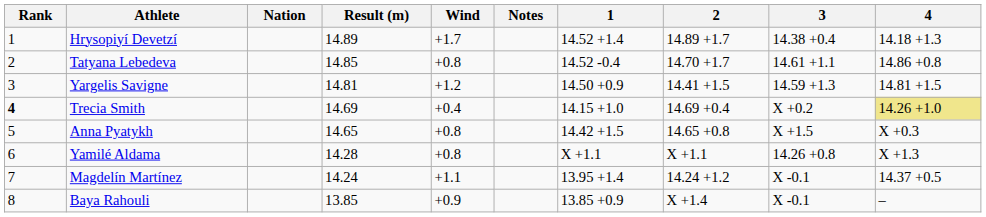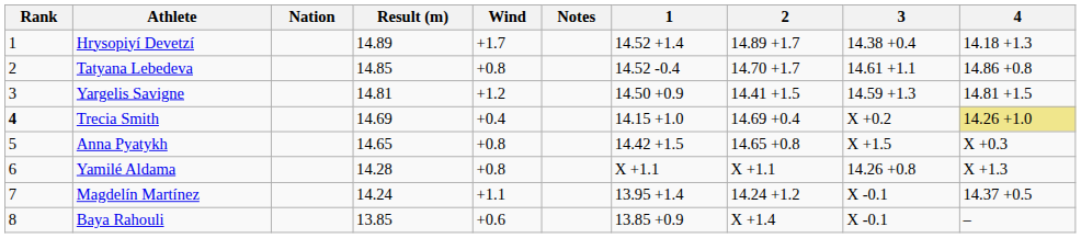 <table class="wikitable" style="text=align:center;" width=85%>
 <tr>
 <th>Rank</th>
 <th>Athlete</th>
 <th>Nation</th>
 <th>Result (m)</th>
 <th>Wind</th>
 <th>Notes</th>
 <th>1</th>
 <th>2</th>
 <th>3</th>
 <th>4</th>
 </tr>
 <tr>
 <td>1</td>
 <td><a href='#'>Hrysopiyí Devetzí</a></td>
 <td></td>
 <td>14.89</td>
 <td>+1.7</td>
 <td></td>
 <td>14.52 +1.4</td>
 <td>14.89 +1.7</td>
 <td>14.38 +0.4</td>
 <td>14.18 +1.3</td>
 </tr>
 <tr>
 <td>2</td>
 <td><a href='#'>Tatyana Lebedeva</a></td>
 <td></td>
 <td>14.85</td>
 <td>+0.8</td>
 <td></td>
 <td>14.52 -0.4</td>
 <td>14.70 +1.7</td>
 <td>14.61 +1.1</td>
 <td>14.86 +0.8</td>
 </tr>
 <tr>
 <td>3</td>
 <td><a href='#'>Yargelis Savigne</a></td>
 <td></td>
 <td>14.81</td>
 <td>+1.2</td>
 <td></td>
 <td>14.50 +0.9</td>
 <td>14.41 +1.5</td>
 <td>14.59 +1.3</td>
 <td>14.81 +1.5</td>
 </tr>
 <tr>
 <td><strong>4</strong></td>
 <td><a href='#'>Trecia Smith</a></td>
 <td></td>
 <td>14.69</td>
 <td>+0.4</td>
 <td></td>
 <td>14.15 +1.0</td>
 <td>14.69 +0.4</td>
 <td>X +0.2</td>
 <td style="background: khaki;">14.26 +1.0</td>
 </tr>
 <tr>
 <td>5</td>
 <td><a href='#'>Anna Pyatykh</a></td>
 <td></td>
 <td>14.65</td>
 <td>+0.8</td>
 <td></td>
 <td>14.42 +1.5</td>
 <td>14.65 +0.8</td>
 <td>X +1.5</td>
 <td>X +0.3</td>
 </tr>
 <tr>
 <td>6</td>
 <td><a href='#'>Yamilé Aldama</a></td>
 <td></td>
 <td>14.28</td>
 <td>+0.8</td>
 <td></td>
 <td>X +1.1</td>
 <td>X +1.1</td>
 <td>14.26 +0.8</td>
 <td>X +1.3</td>
 </tr>
 <tr>
 <td>7</td>
 <td><a href='#'>Magdelín Martínez</a></td>
 <td></td>
 <td>14.24</td>
 <td>+1.1</td>
 <td></td>
 <td>13.95 +1.4</td>
 <td>14.24 +1.2</td>
 <td>X -0.1</td>
 <td>14.37 +0.5</td>
 </tr>
 <tr>
 <td>8</td>
 <td><a href='#'>Baya Rahouli</a></td>
 <td></td>
 <td>13.85</td>
-<td>+0.9</td>
+<td>+0.6</td>
 <td></td>
 <td>13.85 +0.9</td>
 <td>X +1.4</td>
 <td>X -0.1</td>
 <td>–</td>
 </tr>
 </table>
